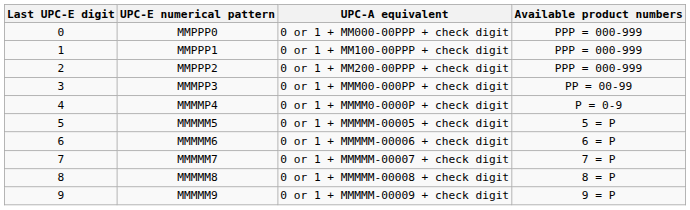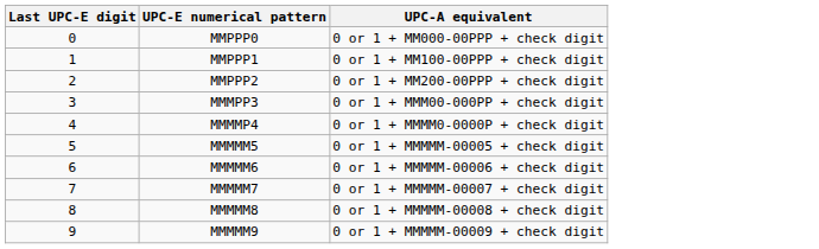 <table class="wikitable" style="text-align:center;">
 <tr>
 <th>Last UPC-E digit</th>
 <th>UPC-E numerical pattern</th>
 <th>UPC-A equivalent</th>
-<th>Available product numbers</th>
 </tr>
 <tr>
 <td>0</td>
 <td style="font-family:monospace;">MMPPP0</td>
 <td style="font-family:monospace;">0 or 1 + MM000-00PPP + check digit</td>
-<td style="font-family:monospace;">PPP = 000-999</td>
 </tr>
 <tr>
 <td>1</td>
 <td style="font-family:monospace;">MMPPP1</td>
 <td style="font-family:monospace;">0 or 1 + MM100-00PPP + check digit</td>
-<td style="font-family:monospace;">PPP = 000-999</td>
 </tr>
 <tr>
 <td>2</td>
 <td style="font-family:monospace;">MMPPP2</td>
 <td style="font-family:monospace;">0 or 1 + MM200-00PPP + check digit</td>
-<td style="font-family:monospace;">PPP = 000-999</td>
 </tr>
 <tr>
 <td>3</td>
 <td style="font-family:monospace;">MMMPP3</td>
 <td style="font-family:monospace;">0 or 1 + MMM00-000PP + check digit</td>
-<td style="font-family:monospace;">PP = 00-99</td>
 </tr>
 <tr>
 <td>4</td>
 <td style="font-family:monospace;">MMMMP4</td>
 <td style="font-family:monospace;">0 or 1 + MMMM0-0000P + check digit</td>
-<td style="font-family:monospace;">P = 0-9</td>
 </tr>
 <tr>
 <td>5</td>
 <td style="font-family:monospace;">MMMMM5</td>
 <td style="font-family:monospace;">0 or 1 + MMMMM-00005 + check digit</td>
-<td style="font-family:monospace;">5 = P</td>
 </tr>
 <tr>
 <td>6</td>
 <td style="font-family:monospace;">MMMMM6</td>
 <td style="font-family:monospace;">0 or 1 + MMMMM-00006 + check digit</td>
-<td style="font-family:monospace;">6 = P</td>
 </tr>
 <tr>
 <td>7</td>
 <td style="font-family:monospace;">MMMMM7</td>
 <td style="font-family:monospace;">0 or 1 + MMMMM-00007 + check digit</td>
-<td style="font-family:monospace;">7 = P</td>
 </tr>
 <tr>
 <td>8</td>
 <td style="font-family:monospace;">MMMMM8</td>
 <td style="font-family:monospace;">0 or 1 + MMMMM-00008 + check digit</td>
-<td style="font-family:monospace;">8 = P</td>
 </tr>
 <tr>
 <td>9</td>
 <td style="font-family:monospace;">MMMMM9</td>
 <td style="font-family:monospace;">0 or 1 + MMMMM-00009 + check digit</td>
-<td style="font-family:monospace;">9 = P</td>
 </tr>
 </table>
